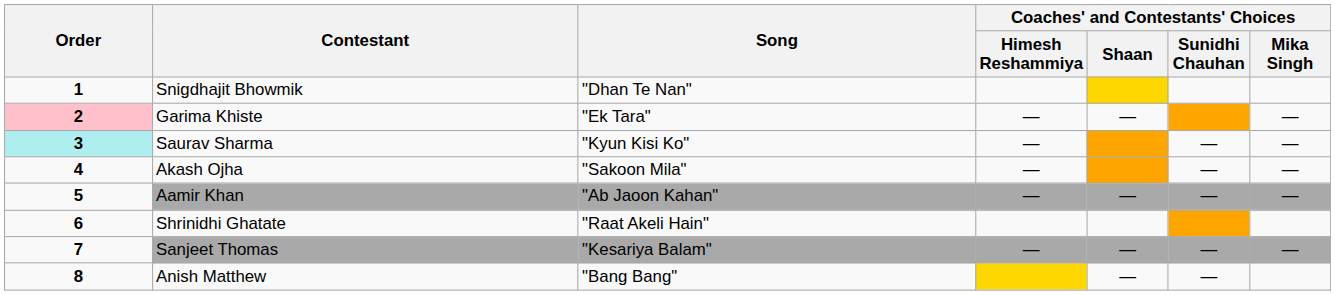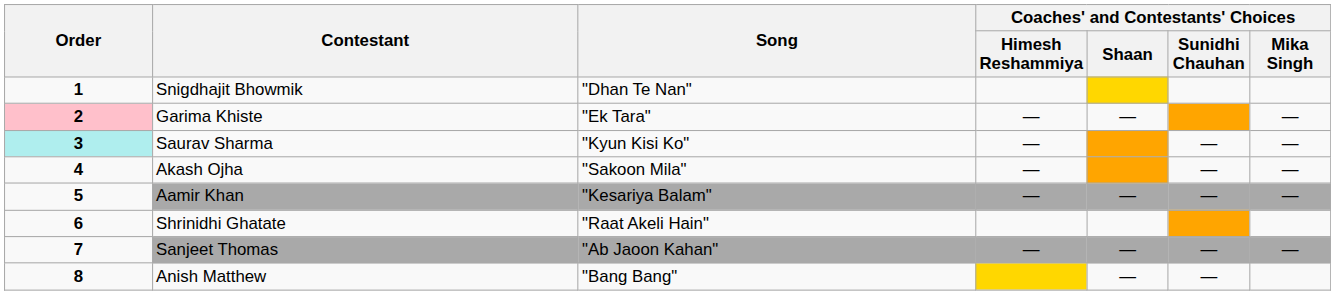 <table class="wikitable" style="width:100%;">
 <tr>
 <th rowspan=2>Order</th>
 <th rowspan=2>Contestant</th>
 <th rowspan=2>Song</th>
 <th colspan=4>Coaches' and Contestants' Choices</th>
 </tr>
 <tr>
 <th width="70">Himesh Reshammiya</th>
 <th width="70">Shaan</th>
 <th width="70">Sunidhi Chauhan</th>
 <th width="70">Mika Singh</th>
 </tr>
 <tr>
 <td style="text-align:center;"><strong>1</strong></td>
 <td>Snigdhajit Bhowmik</td>
 <td>"Dhan Te Nan"</td>
 <td style="text-align:center;"></td>
 <td style="background:gold;text-align:center;"></td>
 <td style="text-align:center;"></td>
 <td style="text-align:center;"></td>
 </tr>
 <tr>
 <td style="background: pink; text-align:center;"><strong>2</strong></td>
 <td>Garima Khiste</td>
 <td>"Ek Tara"</td>
 <td style="text-align:center;">—</td>
 <td style="text-align:center;">—</td>
 <td style="background:orange;text-align:center;"></td>
 <td style="text-align:center;">—</td>
 </tr>
 <tr>
 <td style="background: paleturquoise; text-align:center;"><strong>3</strong></td>
 <td>Saurav Sharma</td>
 <td style="background:text-align:left;">"Kyun Kisi Ko"</td>
 <td style="text-align:center;">—</td>
 <td style="background:orange;text-align:center;"></td>
 <td style="text-align:center;">—</td>
 <td style="text-align:center;">—</td>
 </tr>
 <tr>
 <td style="text-align:center;"><strong>4</strong></td>
 <td>Akash Ojha</td>
 <td style="background:text-align:left;">"Sakoon Mila"</td>
 <td style="text-align:center;">—</td>
 <td style="background:orange;text-align:center;"></td>
 <td style="text-align:center;">—</td>
 <td style="text-align:center;">—</td>
 </tr>
 <tr>
 <td style="text-align:center;"><strong>5</strong></td>
 <td style="background:darkgrey;text-align:left;">Aamir Khan</td>
-<td style="background:darkgrey;text-align:left;">"Ab Jaoon Kahan"</td>
+<td style="background:darkgrey;text-align:left;">"Kesariya Balam"</td>
 <td style="background:darkgrey;text-align:center;">—</td>
 <td style="background:darkgrey;text-align:center;">—</td>
 <td style="background:darkgrey;text-align:center;">—</td>
 <td style="background:darkgrey;text-align:center;">—</td>
 </tr>
 <tr>
 <td style="text-align:center;"><strong>6</strong></td>
 <td>Shrinidhi Ghatate</td>
 <td>"Raat Akeli Hain"</td>
 <td style="text-align:center;"></td>
 <td style="text-align:center;"></td>
 <td style="background:orange;text-align:center;"></td>
 <td style="text-align:center;"></td>
 </tr>
 <tr>
 <td style="text-align:center;"><strong>7</strong></td>
 <td style="background:darkgrey;text-align:left;">Sanjeet Thomas</td>
-<td style="background:darkgrey;text-align:left;">"Kesariya Balam"</td>
+<td style="background:darkgrey;text-align:left;">"Ab Jaoon Kahan"</td>
 <td style="background:darkgrey;text-align:center;">—</td>
 <td style="background:darkgrey;text-align:center;">—</td>
 <td style="background:darkgrey;text-align:center;">—</td>
 <td style="background:darkgrey;text-align:center;">—</td>
 </tr>
 <tr>
 <td style="text-align:center;"><strong>8</strong></td>
 <td>Anish Matthew</td>
 <td style="background:text-align:left;">"Bang Bang"</td>
 <td style="background:gold;text-align:center;"></td>
 <td style="text-align:center;">—</td>
 <td style="text-align:center;">—</td>
 <td style="text-align:center;"></td>
 </tr>
 </table>
